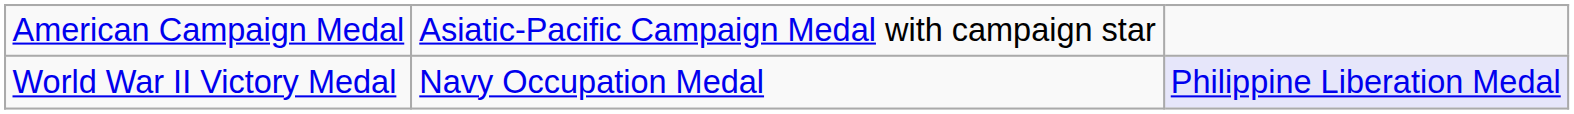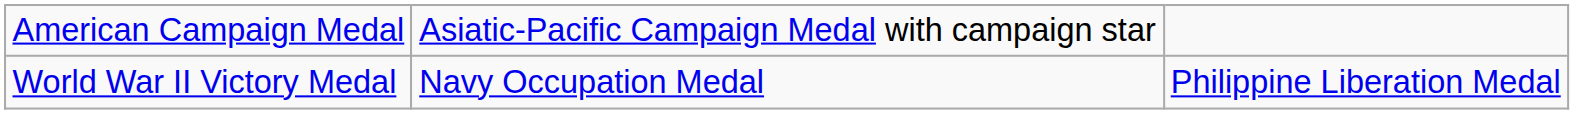 <table class="wikitable">
 <tr>
 <td><a href='#'>American Campaign Medal</a></td>
 <td><a href='#'>Asiatic-Pacific Campaign Medal</a> with campaign star</td>
 </tr>
 <tr align=center)>
 <td><a href='#'>World War II Victory Medal</a></td>
 <td><a href='#'>Navy Occupation Medal</a></td>
-<td style="background: lavender;"><a href='#'>Philippine Liberation Medal</a></td>
+<td><a href='#'>Philippine Liberation Medal</a></td>
 </tr>
 </table>
